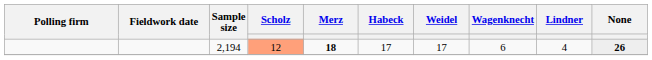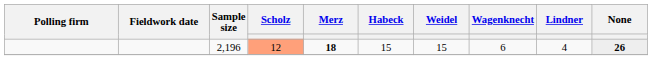 <table class="wikitable sortable mw-datatable" style="text-align:center;font-size:90%;line-height:14px;">
 <tr style="height:40px;">
 <th style="width:155px;" rowspan="2">Polling firm</th>
 <th style="width:120px;" rowspan="2">Fieldwork date</th>
 <th style="width: 35px;" rowspan="2">Sample<br>size</th>
 <th class="unsortable" style="width:70px;"><a href='#'>Scholz</a><br></th>
 <th class="unsortable" style="width:70px;"><a href='#'>Merz</a><br></th>
 <th class="unsortable" style="width:70px;"><a href='#'>Habeck</a><br></th>
 <th class="unsortable" style="width:70px;"><a href='#'>Weidel</a><br></th>
 <th class="unsortable" style="width:70px;"><a href='#'>Wagenknecht</a><br></th>
 <th class="unsortable" style="width:70px;"><a href='#'>Lindner</a><br></th>
 <th class="unsortable" style="width:70px;">None</th>
 </tr>
 <tr>
 <th style="background:"></th>
 <th style="background:"></th>
 <th style="background:"></th>
 <th style="background:"></th>
 <th style="background:"></th>
 <th style="background:"></th>
 <th style="background:"></th>
 </tr>
 <tr>
 <td></td>
 <td></td>
-<td>2,194</td>
+<td>2,196</td>
 <td style="background: lightsalmon;">12</td>
 <td><strong>18</strong></td>
-<td>17</td>
-<td>17</td>
+<td>15</td>
+<td>15</td>
 <td>6</td>
 <td>4</td>
 <td style="background:#EEEEEE;"><strong>26</strong></td>
 </tr>
 <tr>
 </tr>
 </table>
